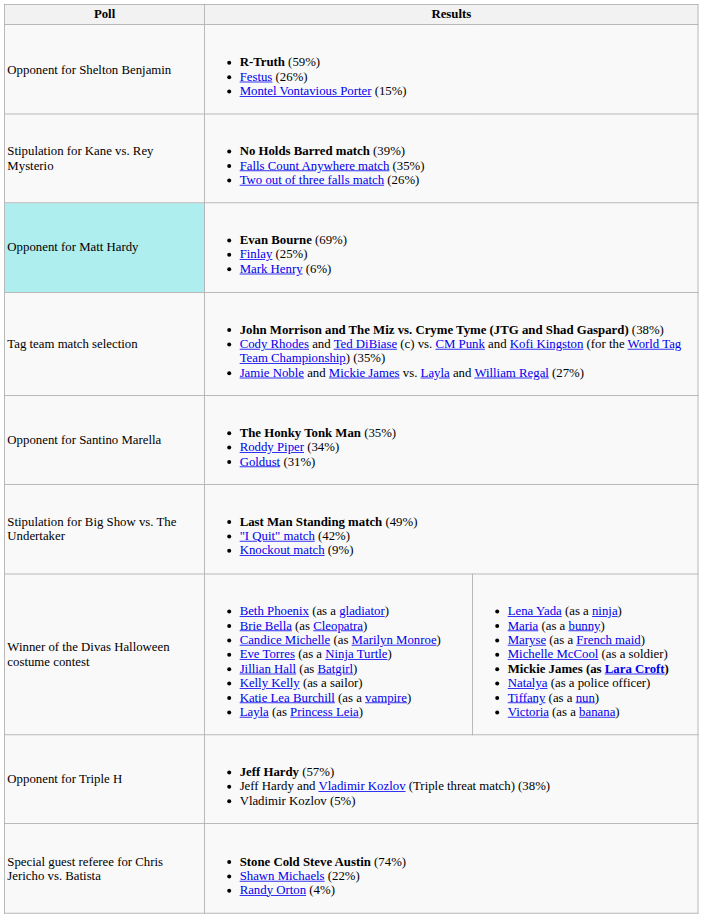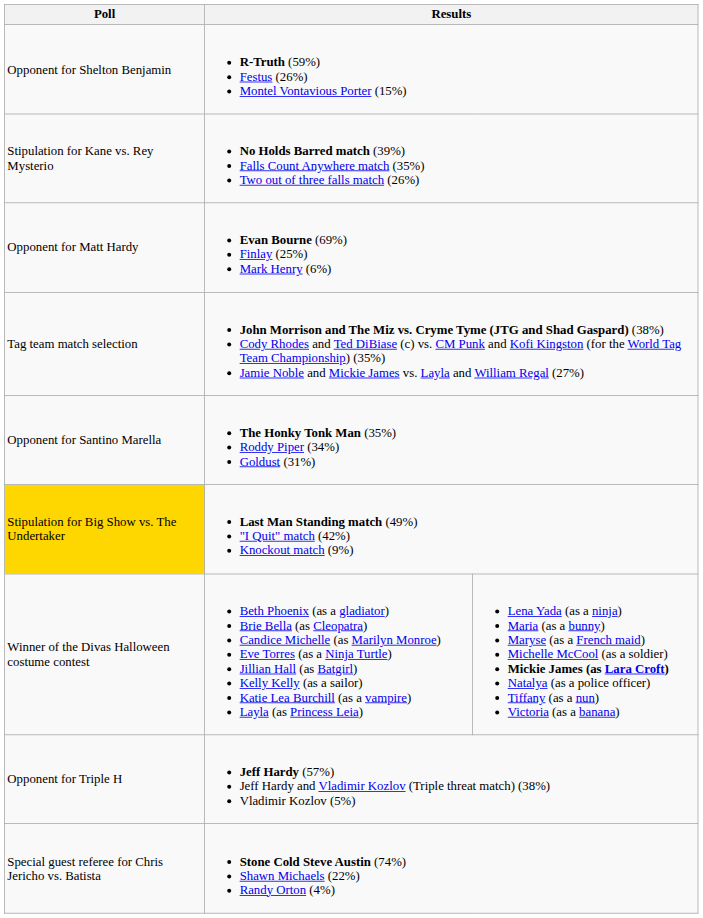 <table class="wikitable">
 <tr>
 <th><strong>Poll</strong></th>
 <th colspan=2><strong>Results</strong></th>
 </tr>
 <tr>
 <td>Opponent for Shelton Benjamin</td>
 <td colspan=2><br><ul><li><strong>R-Truth</strong> (59%)</li><li><a href='#'>Festus</a> (26%)</li><li><a href='#'>Montel Vontavious Porter</a> (15%)</li></ul></td>
 </tr>
 <tr>
 <td>Stipulation for Kane vs. Rey Mysterio</td>
 <td colspan=2><br><ul><li><strong>No Holds Barred match</strong> (39%)</li><li><a href='#'>Falls Count Anywhere match</a> (35%)</li><li><a href='#'>Two out of three falls match</a> (26%)</li></ul></td>
 </tr>
 <tr>
-<td style="background: paleturquoise;">Opponent for Matt Hardy</td>
+<td>Opponent for Matt Hardy</td>
 <td colspan=2><br><ul><li><strong>Evan Bourne</strong> (69%)</li><li><a href='#'>Finlay</a> (25%)</li><li><a href='#'>Mark Henry</a> (6%)</li></ul></td>
 </tr>
 <tr>
 <td>Tag team match selection</td>
 <td colspan=2><br><ul><li><strong>John Morrison and The Miz vs. Cryme Tyme (JTG and Shad Gaspard)</strong> (38%)</li><li><a href='#'>Cody Rhodes</a> and <a href='#'>Ted DiBiase</a> (c) vs. <a href='#'>CM Punk</a> and <a href='#'>Kofi Kingston</a> (for the <a href='#'>World Tag Team Championship</a>) (35%)</li><li><a href='#'>Jamie Noble</a> and <a href='#'>Mickie James</a> vs. <a href='#'>Layla</a> and <a href='#'>William Regal</a> (27%)</li></ul></td>
 </tr>
 <tr>
 <td>Opponent for Santino Marella</td>
 <td colspan=2><br><ul><li><strong>The Honky Tonk Man</strong> (35%)</li><li><a href='#'>Roddy Piper</a> (34%)</li><li><a href='#'>Goldust</a> (31%)</li></ul></td>
 </tr>
 <tr>
-<td>Stipulation for Big Show vs. The Undertaker</td>
+<td style="background: gold;">Stipulation for Big Show vs. The Undertaker</td>
 <td colspan=2><br><ul><li><strong>Last Man Standing match</strong> (49%)</li><li><a href='#'>"I Quit" match</a> (42%)</li><li><a href='#'>Knockout match</a> (9%)</li></ul></td>
 </tr>
 <tr>
 <td>Winner of the Divas Halloween costume contest</td>
 <td><br><ul><li><a href='#'>Beth Phoenix</a> (as a <a href='#'>gladiator</a>)</li><li><a href='#'>Brie Bella</a> (as <a href='#'>Cleopatra</a>)</li><li><a href='#'>Candice Michelle</a> (as <a href='#'>Marilyn Monroe</a>)</li><li><a href='#'>Eve Torres</a> (as a <a href='#'>Ninja Turtle</a>)</li><li><a href='#'>Jillian Hall</a> (as <a href='#'>Batgirl</a>)</li><li><a href='#'>Kelly Kelly</a> (as a sailor)</li><li><a href='#'>Katie Lea Burchill</a> (as a <a href='#'>vampire</a>)</li><li><a href='#'>Layla</a> (as <a href='#'>Princess Leia</a>)</li></ul></td>
 <td><br><ul><li><a href='#'>Lena Yada</a> (as a <a href='#'>ninja</a>)</li><li><a href='#'>Maria</a> (as a <a href='#'>bunny</a>)</li><li><a href='#'>Maryse</a> (as a <a href='#'>French maid</a>)</li><li><a href='#'>Michelle McCool</a> (as a soldier)</li><li><strong>Mickie James (as <a href='#'>Lara Croft</a>)</strong></li><li><a href='#'>Natalya</a> (as a police officer)</li><li><a href='#'>Tiffany</a> (as a <a href='#'>nun</a>)</li><li><a href='#'>Victoria</a> (as a <a href='#'>banana</a>)</li></ul></td>
 </tr>
 <tr>
 <td>Opponent for Triple H</td>
 <td colspan=2><br><ul><li><strong>Jeff Hardy</strong> (57%)</li><li>Jeff Hardy and <a href='#'>Vladimir Kozlov</a> (Triple threat match) (38%)</li><li>Vladimir Kozlov (5%)</li></ul></td>
 </tr>
 <tr>
 <td>Special guest referee for Chris Jericho vs. Batista</td>
 <td colspan=2><br><ul><li><strong>Stone Cold Steve Austin</strong> (74%)</li><li><a href='#'>Shawn Michaels</a> (22%)</li><li><a href='#'>Randy Orton</a> (4%)</li></ul></td>
 </tr>
 </table>
